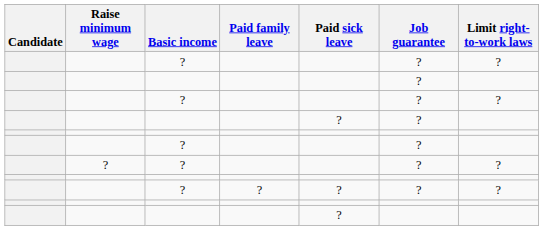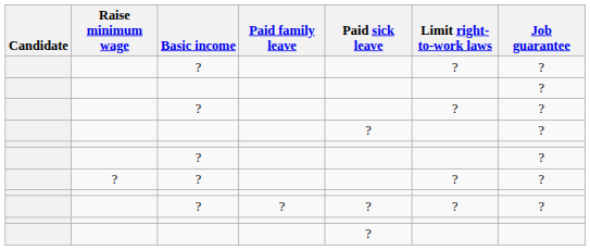 <table class="wikitable sortable" style=margin:auto;table-layout:fixed;text-align:center>
 <tr valign=bottom>
 <th>Candidate</th>
 <th style=max-width:6em>Raise <a href='#'>minimum wage</a></th>
 <th style=max-width:6em><a href='#'>Basic income</a></th>
 <th style=max-width:6em><a href='#'>Paid family leave</a></th>
 <th style=max-width:6em>Paid <a href='#'>sick leave</a></th>
+<th style=max-width:6em>Limit <a href='#'>right-to-work laws</a></th>
 <th style=max-width:6em><a href='#'>Job guarantee</a></th>
-<th style=max-width:6em>Limit <a href='#'>right-to-work laws</a></th>
 </tr>
 <tr>
 <th></th>
 <td></td>
 <td>?</td>
 <td></td>
 <td></td>
 <td>?</td>
 <td>?</td>
 </tr>
 <tr>
 <th></th>
 <td></td>
 <td></td>
 <td></td>
 <td></td>
+<td></td>
 <td>?</td>
-<td></td>
 </tr>
 <tr>
 <th></th>
 <td></td>
 <td>?</td>
 <td></td>
 <td></td>
 <td>?</td>
 <td>?</td>
 </tr>
 <tr>
 <th></th>
 <td></td>
 <td></td>
 <td></td>
 <td>?</td>
+<td></td>
 <td>?</td>
-<td></td>
 </tr>
 <tr>
 <th></th>
 <td></td>
 <td></td>
 <td></td>
 <td></td>
 <td></td>
 <td></td>
 </tr>
 <tr>
 <th></th>
 <td></td>
 <td>?</td>
 <td></td>
 <td></td>
+<td></td>
 <td>?</td>
-<td></td>
 </tr>
 <tr>
 <th></th>
 <td>?</td>
 <td>?</td>
 <td></td>
 <td></td>
 <td>?</td>
 <td>?</td>
 </tr>
 <tr>
 <th></th>
 <td></td>
 <td></td>
 <td></td>
 <td></td>
 <td></td>
 <td></td>
 </tr>
 <tr>
 <th></th>
 <td></td>
 <td>?</td>
 <td>?</td>
 <td>?</td>
 <td>?</td>
 <td>?</td>
 </tr>
 <tr>
 <th></th>
 <td></td>
 <td></td>
 <td></td>
 <td></td>
 <td></td>
 <td></td>
 </tr>
 <tr>
 <th></th>
 <td></td>
 <td></td>
 <td></td>
 <td>?</td>
 <td></td>
 <td></td>
 </tr>
 </table>
